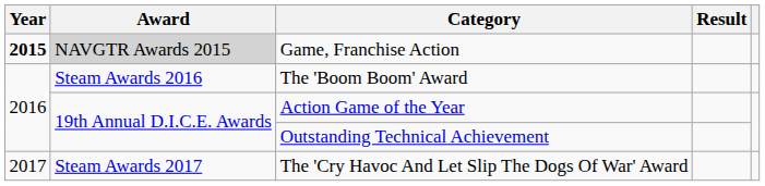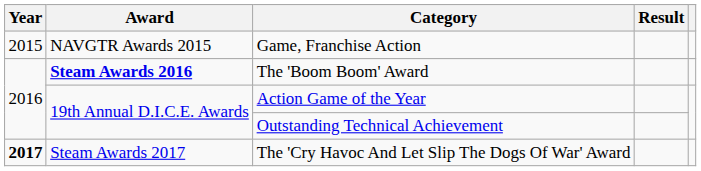 <table class="wikitable sortable">
 <tr>
 <th>Year</th>
 <th>Award</th>
 <th>Category</th>
 <th>Result</th>
 <th></th>
 </tr>
 <tr>
-<td><strong>2015</strong></td>
-<td style="background: lightgrey;">NAVGTR Awards 2015</td>
+<td>2015</td>
+<td>NAVGTR Awards 2015</td>
 <td>Game, Franchise Action</td>
 <td></td>
 </tr>
 <tr>
 <td rowspan="3">2016</td>
-<td><a href='#'>Steam Awards 2016</a></td>
+<td><strong><a href='#'>Steam Awards 2016</a></strong></td>
 <td>The 'Boom Boom' Award</td>
 <td></td>
 <td></td>
 </tr>
 <tr>
 <td rowspan="2"><a href='#'>19th Annual D.I.C.E. Awards</a></td>
 <td><a href='#'>Action Game of the Year</a></td>
 <td></td>
 <td rowspan="2"></td>
 </tr>
 <tr>
 <td><a href='#'>Outstanding Technical Achievement</a></td>
 <td></td>
 </tr>
 <tr>
-<td>2017</td>
+<td><strong>2017</strong></td>
 <td><a href='#'>Steam Awards 2017</a></td>
 <td>The 'Cry Havoc And Let Slip The Dogs Of War' Award</td>
 <td></td>
 <td></td>
 </tr>
 </table>
